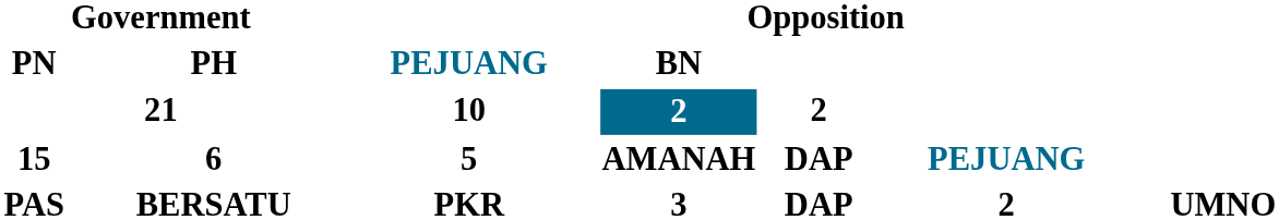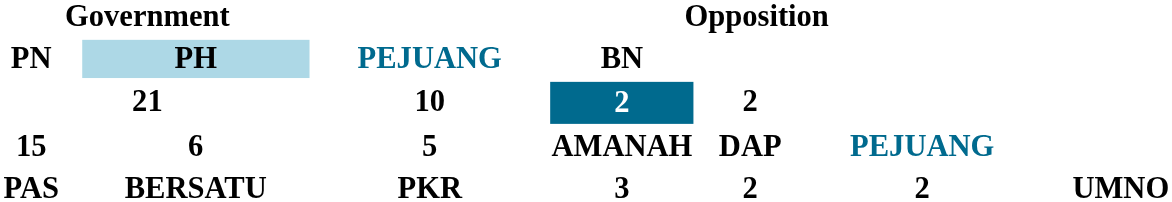 <table style="width:40em;">
 <tr style="text-align:center;">
 <td colspan="2" style="color:"><strong>Government</strong></td>
 <td colspan="6" style="color:"><strong>Opposition</strong></td>
 </tr>
 <tr style="text-align:center;">
 <td style="color:"><strong>PN</strong></td>
-<td style="color:"><strong>PH</strong></td>
+<td style="background: lightblue; color:"><strong>PH</strong></td>
 <td colspan="1"  style="color:#006a8e;"><strong>PEJUANG</strong></td>
 <td style="color:"><strong>BN</strong></td>
 </tr>
 <tr style="text-align:center;">
 <td colspan="2" style="background:"><strong>21</strong></td>
 <td style="background:"><strong>10</strong></td>
 <td rowspan=2 style="background:#006a8e; color:white;width:5.55%;"><strong>2</strong></td>
 <td style="background:"><strong>2</strong></td>
 </tr>
 <tr>
 </tr>
 <tr style="text-align:center;">
 <td style="background:"><strong>15</strong></td>
 <td style="background:"><strong>6</strong></td>
 <td style="background:"><strong>5</strong></td>
 <td style="color:"><strong>AMANAH</strong></td>
 <td style="color:"><strong>DAP</strong></td>
 <td style="color:#006a8e;"><strong>PEJUANG</strong></td>
 </tr>
 <tr style="text-align:center;">
 <td style="color:"><strong>PAS</strong></td>
 <td style="color:"><strong>BERSATU</strong></td>
 <td style="color:"><strong>PKR</strong></td>
 <td style="background:"><strong>3</strong></td>
-<td style="color:"><strong>DAP</strong></td>
+<td style="background:"><strong>2</strong></td>
 <td style="background:"><strong>2</strong></td>
 <td style="color:"><strong>UMNO</strong></td>
 </tr>
 </table>
